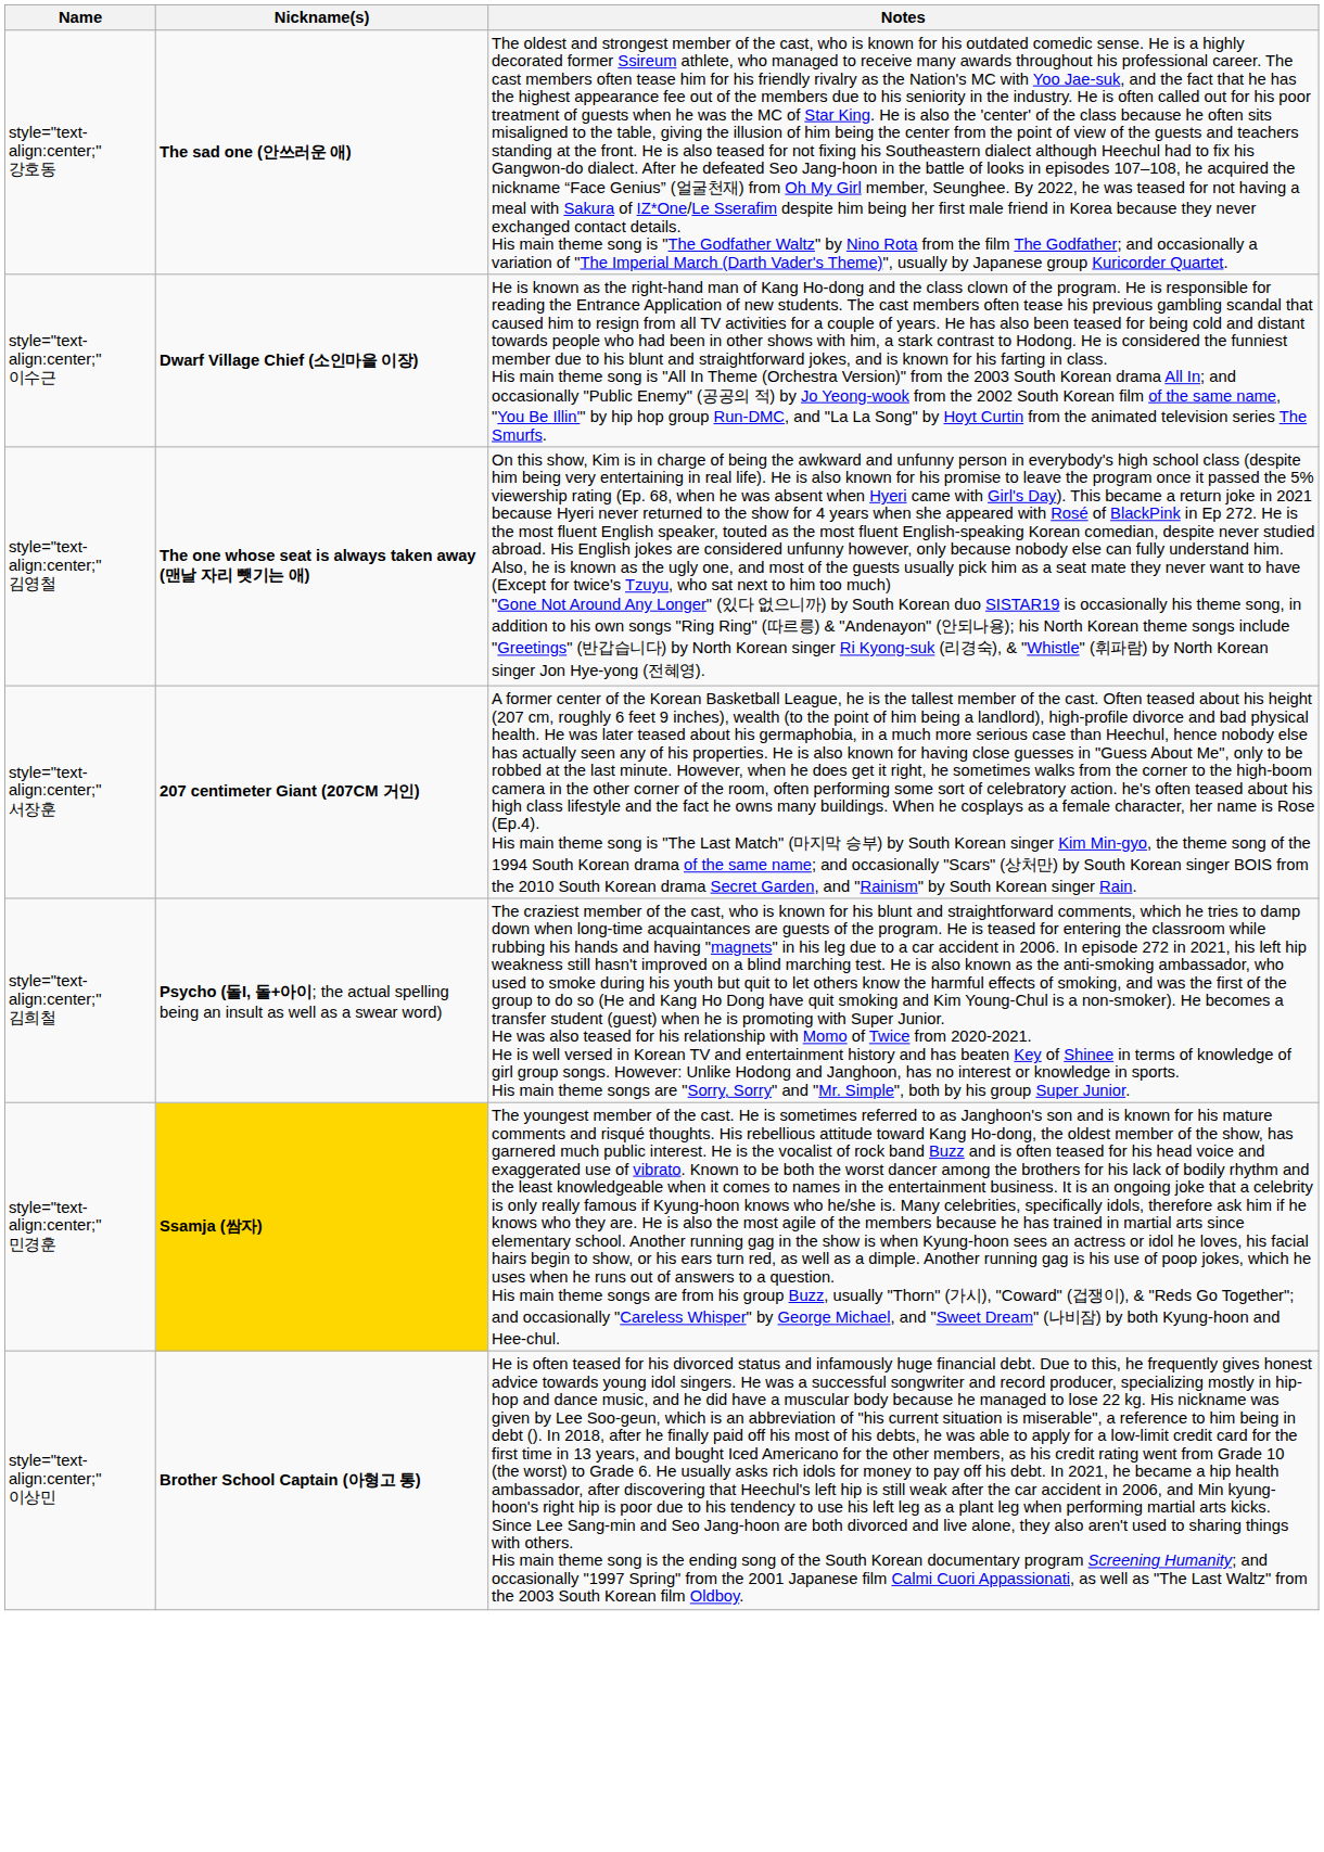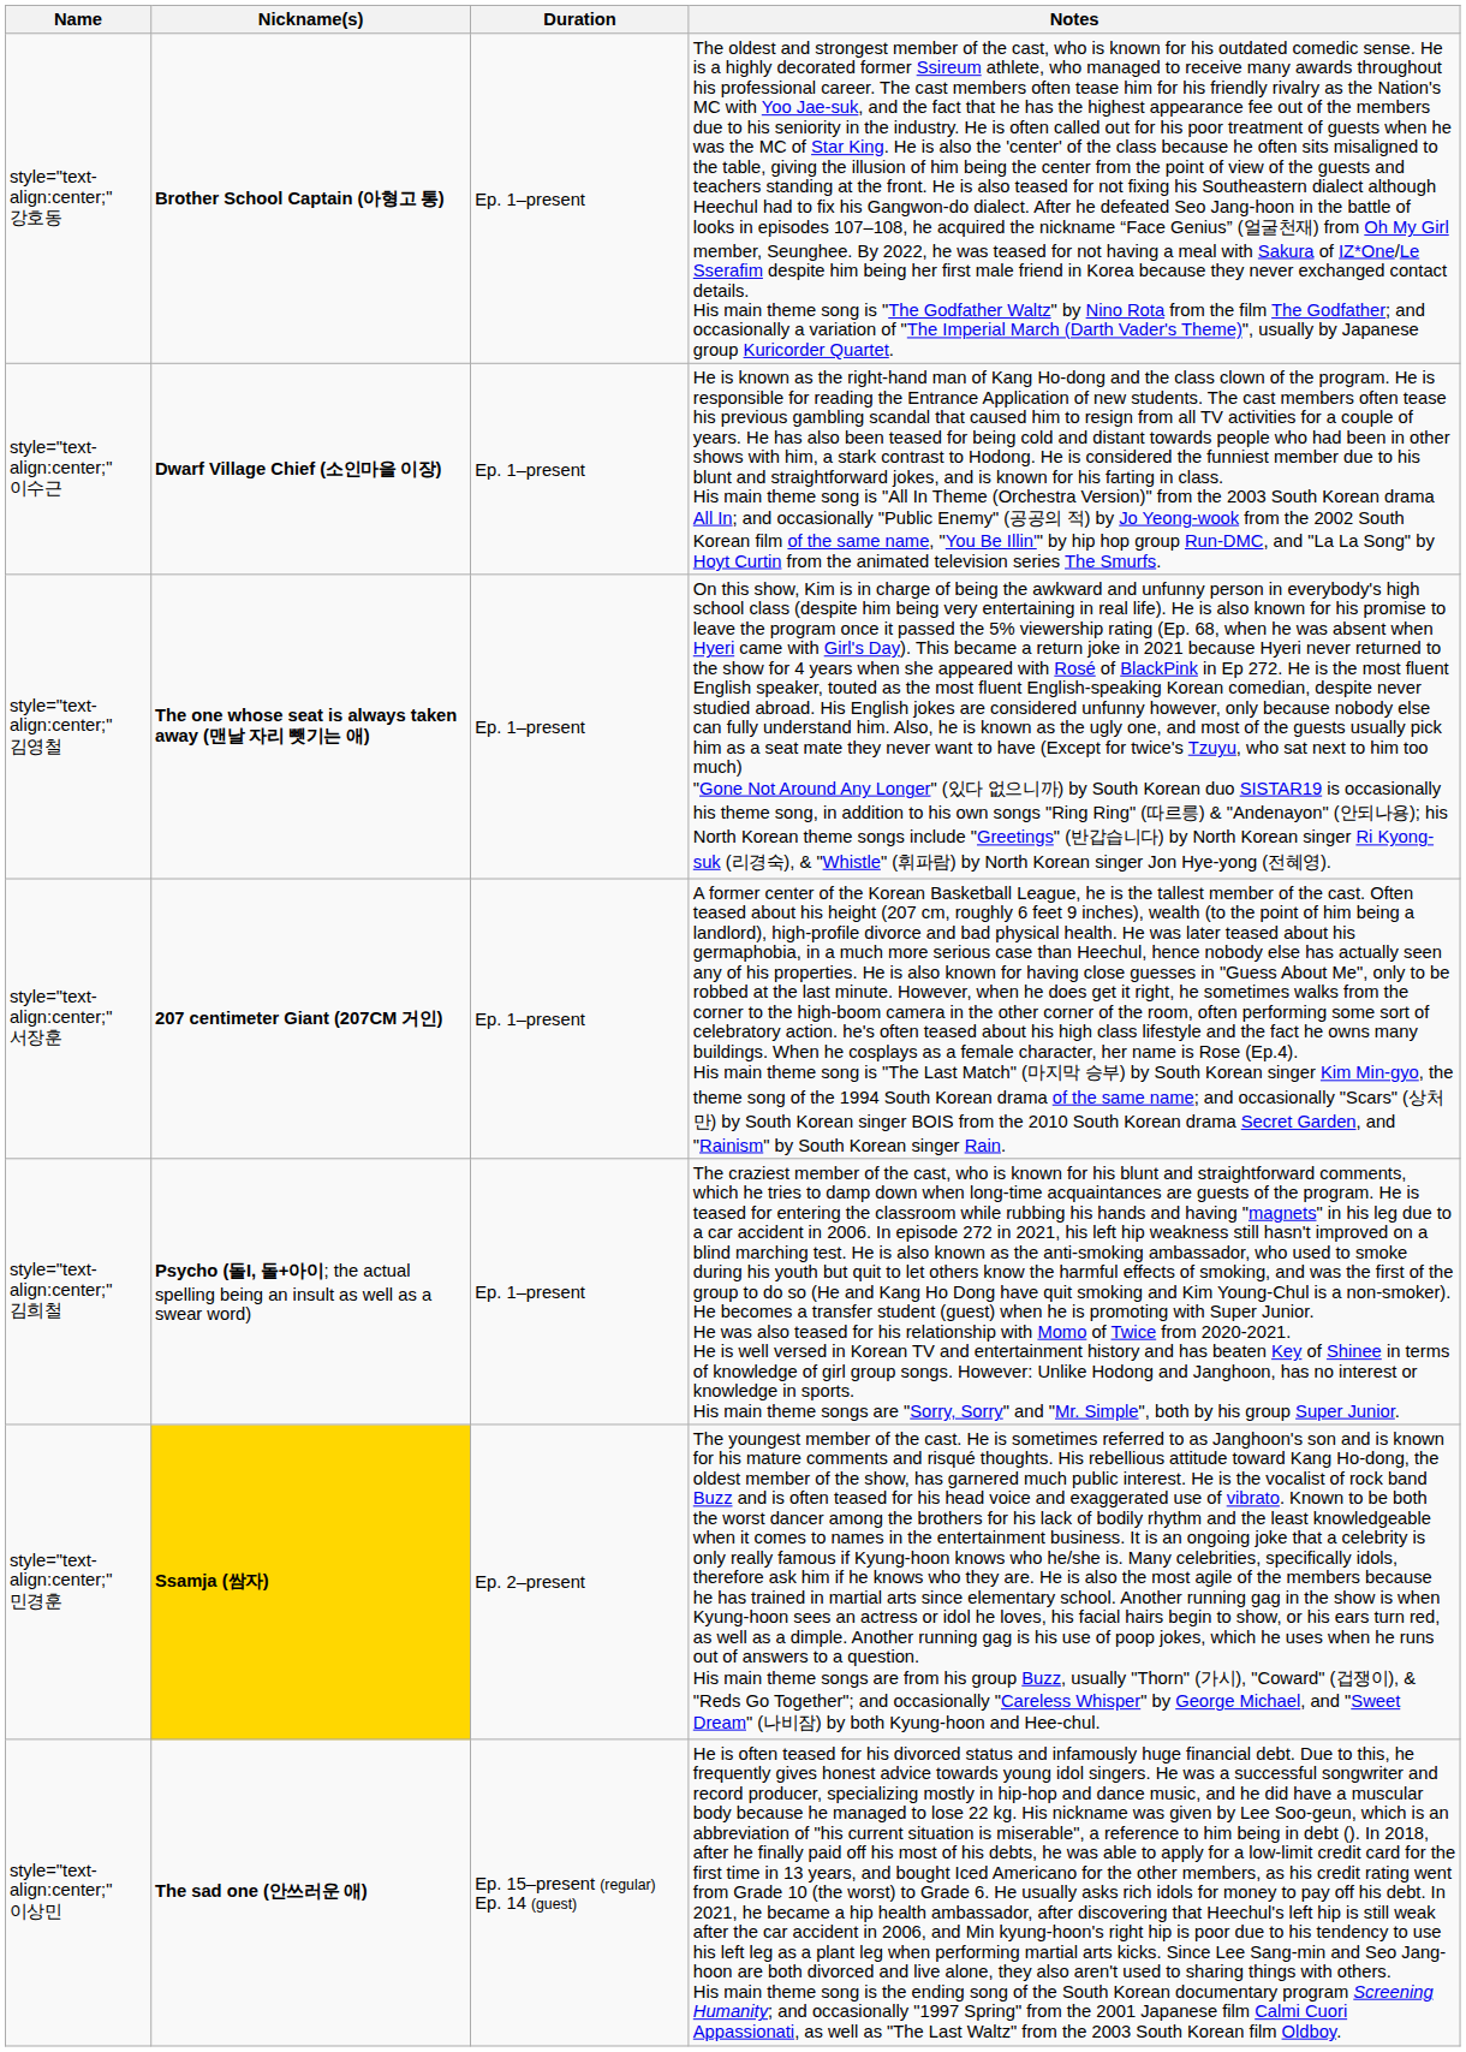 <table class="wikitable" style="font-size:95%">
 <tr>
 <th style="width:10%; text-align:center;">Name</th>
 <th style="width:22%; text-align:center;">Nickname(s)</th>
+<th style="width:15%; text-align:center;">Duration</th>
 <th style="width:55%; text-align:center;">Notes</th>
 </tr>
 <tr>
 <td>style="text-align:center;" <br>강호동</td>
-<td style="text-align:left;"><strong>The sad one (안쓰러운 애)</strong><br></td>
+<td style="text-align:left;"><strong>Brother School Captain (아형고 통)</strong><br></td>
+<td>Ep. 1–present</td>
 <td style="text-align:left;">The oldest and strongest member of the cast, who is known for his outdated comedic sense. He is a highly decorated former <a href='#'>Ssireum</a> athlete, who managed to receive many awards throughout his professional career. The cast members often tease him for his friendly rivalry as the Nation's MC with <a href='#'>Yoo Jae-suk</a>, and the fact that he has the highest appearance fee out of the members due to his seniority in the industry. He is often called out for his poor treatment of guests when he was the MC of <a href='#'>Star King</a>. He is also the 'center' of the class because he often sits misaligned to the table, giving the illusion of him being the center from the point of view of the guests and teachers standing at the front. He is also teased for not fixing his Southeastern dialect although Heechul had to fix his Gangwon-do dialect. After he defeated Seo Jang-hoon in the battle of looks in episodes 107–108, he acquired the nickname “Face Genius” (얼굴천재) from <a href='#'>Oh My Girl</a> member, Seunghee. By 2022, he was teased for not having a meal with <a href='#'>Sakura</a> of <a href='#'>IZ*One</a>/<a href='#'>Le Sserafim</a> despite him being her first male friend in Korea because they never exchanged contact details.<br>His main theme song is "<a href='#'>The Godfather Waltz</a>" by <a href='#'>Nino Rota</a> from the film <a href='#'>The Godfather</a>; and occasionally a variation of "<a href='#'>The Imperial March (Darth Vader's Theme)</a>", usually by Japanese group <a href='#'>Kuricorder Quartet</a>.</td>
 </tr>
 <tr>
 <td>style="text-align:center;" <br>이수근</td>
 <td style="text-align:left;"><strong>Dwarf Village Chief (소인마을 이장)</strong><br></td>
+<td>Ep. 1–present</td>
 <td style="text-align:left;">He is known as the right-hand man of Kang Ho-dong and the class clown of the program. He is responsible for reading the Entrance Application of new students. The cast members often tease his previous gambling scandal that caused him to resign from all TV activities for a couple of years. He has also been teased for being cold and distant towards people who had been in other shows with him, a stark contrast to Hodong. He is considered the funniest member due to his blunt and straightforward jokes, and is known for his farting in class.<br>His main theme song is "All In Theme (Orchestra Version)" from the 2003 South Korean drama <a href='#'>All In</a>; and occasionally "Public Enemy" (공공의 적) by <a href='#'>Jo Yeong-wook</a> from the 2002 South Korean film <a href='#'>of the same name</a>, "<a href='#'>You Be Illin'</a>" by hip hop group <a href='#'>Run-DMC</a>, and "La La Song" by <a href='#'>Hoyt Curtin</a> from the animated television series <a href='#'>The Smurfs</a>.</td>
 </tr>
 <tr>
 <td>style="text-align:center;" <br>김영철</td>
 <td style="text-align:left;"><strong>The one whose seat is always taken away (맨날 자리 뺏기는 애)</strong><br></td>
+<td>Ep. 1–present</td>
 <td style="text-align:left;">On this show, Kim is in charge of being the awkward and unfunny person in everybody's high school class (despite him being very entertaining in real life). He is also known for his promise to leave the program once it passed the 5% viewership rating (Ep. 68, when he was absent when <a href='#'>Hyeri</a> came with <a href='#'>Girl's Day</a>). This became a return joke in 2021 because Hyeri never returned to the show for 4 years when she appeared with <a href='#'>Rosé</a> of <a href='#'>BlackPink</a> in Ep 272. He is the most fluent English speaker, touted as the most fluent English-speaking Korean comedian, despite never studied abroad. His English jokes are considered unfunny however, only because nobody else can fully understand him. Also, he is known as the ugly one, and most of the guests usually pick him as a seat mate they never want to have (Except for twice's <a href='#'>Tzuyu</a>, who sat next to him too much)<br>"<a href='#'>Gone Not Around Any Longer</a>" (있다 없으니까) by South Korean duo <a href='#'>SISTAR19</a> is occasionally his theme song, in addition to his own songs "Ring Ring" (따르릉) & "Andenayon" (안되나용); his North Korean theme songs include "<a href='#'>Greetings</a>" (반갑습니다) by North Korean singer <a href='#'>Ri Kyong-suk</a> (리경숙), & "<a href='#'>Whistle</a>" (휘파람) by North Korean singer Jon Hye-yong (전혜영).</td>
 </tr>
 <tr>
 <td>style="text-align:center;" <br>서장훈</td>
 <td style="text-align:left;"><strong>207 centimeter Giant (207CM 거인)</strong><br></td>
+<td>Ep. 1–present</td>
 <td style="text-align:left;">A former center of the Korean Basketball League, he is the tallest member of the cast. Often teased about his height (207 cm, roughly 6 feet 9 inches), wealth (to the point of him being a landlord), high-profile divorce and bad physical health. He was later teased about his germaphobia, in a much more serious case than Heechul, hence nobody else has actually seen any of his properties. He is also known for having close guesses in "Guess About Me", only to be robbed at the last minute. However, when he does get it right, he sometimes walks from the corner to the high-boom camera in the other corner of the room, often performing some sort of celebratory action. he's often teased about his high class lifestyle and the fact he owns many buildings. When he cosplays as a female character, her name is Rose (Ep.4).<br>His main theme song is "The Last Match" (마지막 승부) by South Korean singer <a href='#'>Kim Min-gyo</a>, the theme song of the 1994 South Korean drama <a href='#'>of the same name</a>; and occasionally "Scars" (상처만) by South Korean singer BOIS from the 2010 South Korean drama <a href='#'>Secret Garden</a>, and "<a href='#'>Rainism</a>" by South Korean singer <a href='#'>Rain</a>.</td>
 </tr>
 <tr>
 <td>style="text-align:center;" <br>김희철</td>
 <td style="text-align:left;"><strong>Psycho (돌I, 돌+아이</strong>; the actual spelling being an insult as well as a swear word)<br></td>
+<td>Ep. 1–present</td>
 <td style="text-align:left;">The craziest member of the cast, who is known for his blunt and straightforward comments, which he tries to damp down when long-time acquaintances are guests of the program. He is teased for entering the classroom while rubbing his hands and having "<a href='#'>magnets</a>" in his leg due to a car accident in 2006. In episode 272 in 2021, his left hip weakness still hasn't improved on a blind marching test. He is also known as the anti-smoking ambassador, who used to smoke during his youth but quit to let others know the harmful effects of smoking, and was the first of the group to do so (He and Kang Ho Dong have quit smoking and Kim Young-Chul is a non-smoker). He becomes a transfer student (guest) when he is promoting with Super Junior.<br>He was also teased for his relationship with <a href='#'>Momo</a> of <a href='#'>Twice</a> from 2020-2021.<br>He is well versed in Korean TV and entertainment history and has beaten <a href='#'>Key</a> of <a href='#'>Shinee</a> in terms of knowledge of girl group songs. However: Unlike Hodong and Janghoon, has no interest or knowledge in sports.<br>His main theme songs are "<a href='#'>Sorry, Sorry</a>" and "<a href='#'>Mr. Simple</a>", both by his group <a href='#'>Super Junior</a>.</td>
 </tr>
 <tr>
 <td>style="text-align:center;" <br>민경훈</td>
 <td style="background: gold; text-align:left;"><strong>Ssamja (쌈자)</strong><br></td>
+<td>Ep. 2–present</td>
 <td style="text-align:left;">The youngest member of the cast. He is sometimes referred to as Janghoon's son and is known for his mature comments and risqué thoughts. His rebellious attitude toward Kang Ho-dong, the oldest member of the show, has garnered much public interest. He is the vocalist of rock band <a href='#'>Buzz</a> and is often teased for his head voice and exaggerated use of <a href='#'>vibrato</a>. Known to be both the worst dancer among the brothers for his lack of bodily rhythm and the least knowledgeable when it comes to names in the entertainment business. It is an ongoing joke that a celebrity is only really famous if Kyung-hoon knows who he/she is. Many celebrities, specifically idols, therefore ask him if he knows who they are. He is also the most agile of the members because he has trained in martial arts since elementary school. Another running gag in the show is when Kyung-hoon sees an actress or idol he loves, his facial hairs begin to show, or his ears turn red, as well as a dimple. Another running gag is his use of poop jokes, which he uses when he runs out of answers to a question.<br>His main theme songs are from his group <a href='#'>Buzz</a>, usually "Thorn" (가시), "Coward" (겁쟁이), & "Reds Go Together"; and occasionally "<a href='#'>Careless Whisper</a>" by <a href='#'>George Michael</a>, and "<a href='#'>Sweet Dream</a>" (나비잠) by both Kyung-hoon and Hee-chul.</td>
 </tr>
 <tr>
 <td>style="text-align:center;" <br>이상민</td>
-<td style="text-align:left;"><strong>Brother School Captain (아형고 통)</strong><br></td>
+<td style="text-align:left;"><strong>The sad one (안쓰러운 애)</strong><br></td>
+<td>Ep. 15–present <small>(regular)</small><br>Ep. 14 <small>(guest)</small></td>
 <td style="text-align:left;">He is often teased for his divorced status and infamously huge financial debt. Due to this, he frequently gives honest advice towards young idol singers. He was a successful songwriter and record producer, specializing mostly in hip-hop and dance music, and he did have a muscular body because he managed to lose 22 kg. His nickname was given by Lee Soo-geun, which is an abbreviation of "his current situation is miserable", a reference to him being in debt (). In 2018, after he finally paid off his most of his debts, he was able to apply for a low-limit credit card for the first time in 13 years, and bought Iced Americano for the other members, as his credit rating went from Grade 10 (the worst) to Grade 6. He usually asks rich idols for money to pay off his debt. In 2021, he became a hip health ambassador, after discovering that Heechul's left hip is still weak after the car accident in 2006, and Min kyung-hoon's right hip is poor due to his tendency to use his left leg as a plant leg when performing martial arts kicks. Since Lee Sang-min and Seo Jang-hoon are both divorced and live alone, they also aren't used to sharing things with others.<br>His main theme song is the ending song of the South Korean documentary program <em><a href='#'>Screening Humanity</a></em>; and occasionally "1997 Spring" from the 2001 Japanese film <a href='#'>Calmi Cuori Appassionati</a>, as well as "The Last Waltz" from the 2003 South Korean film <a href='#'>Oldboy</a>.</td>
 </tr>
 </table>
